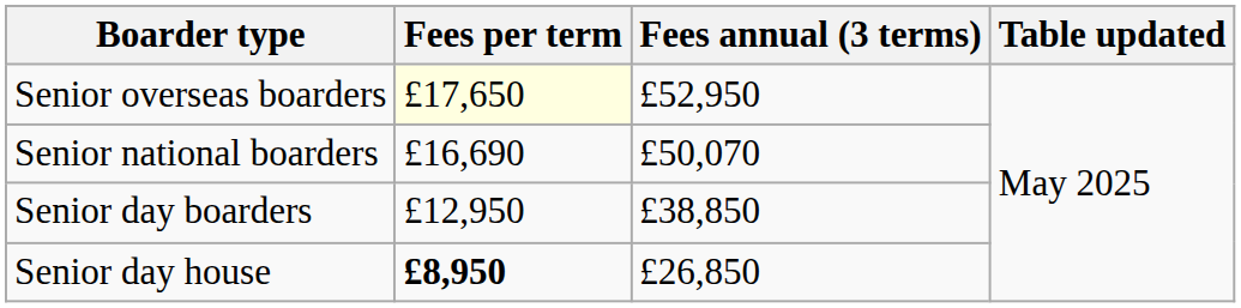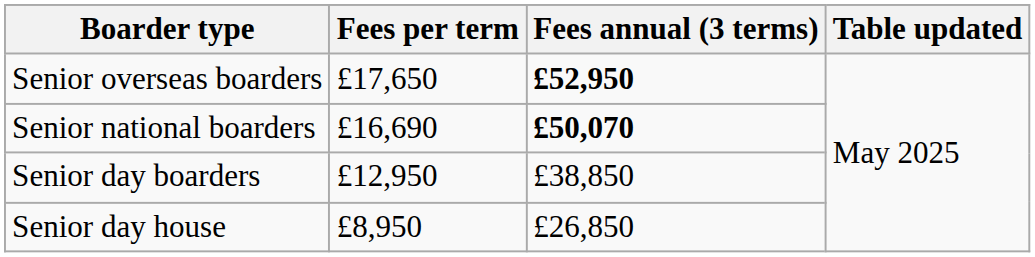 <table class="wikitable">
 <tr>
 <th>Boarder type</th>
 <th>Fees per term</th>
 <th>Fees annual (3 terms)</th>
 <th>Table updated</th>
 </tr>
 <tr>
 <td>Senior overseas boarders</td>
-<td style="background: lightyellow;">£17,650</td>
-<td>£52,950</td>
+<td>£17,650</td>
+<td><strong>£52,950</strong></td>
 <td rowspan="4">May 2025</td>
 </tr>
 <tr>
 <td>Senior national boarders</td>
 <td>£16,690</td>
-<td>£50,070</td>
+<td><strong>£50,070</strong></td>
 </tr>
 <tr>
 <td>Senior day boarders</td>
 <td>£12,950</td>
 <td>£38,850</td>
 </tr>
 <tr>
 <td>Senior day house</td>
-<td><strong>£8,950</strong></td>
+<td>£8,950</td>
 <td>£26,850</td>
 </tr>
 </table>
